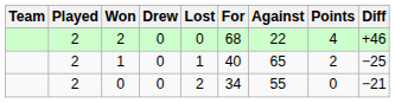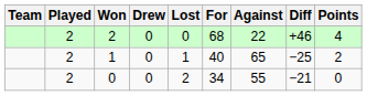 <table class="wikitable" style="text-align:center">
 <tr>
 <th>Team</th>
 <th>Played</th>
 <th>Won</th>
 <th>Drew</th>
 <th>Lost</th>
 <th>For</th>
 <th>Against</th>
+<th>Diff</th>
 <th>Points</th>
-<th>Diff</th>
 </tr>
 <tr bgcolor="#ccffcc">
 <td align=left></td>
 <td>2</td>
 <td>2</td>
 <td>0</td>
 <td>0</td>
 <td>68</td>
 <td>22</td>
+<td>+46</td>
 <td>4</td>
-<td>+46</td>
 </tr>
 <tr>
 <td align=left></td>
 <td>2</td>
 <td>1</td>
 <td>0</td>
 <td>1</td>
 <td>40</td>
 <td>65</td>
+<td>−25</td>
 <td>2</td>
-<td>−25</td>
 </tr>
 <tr>
 <td align=left></td>
 <td>2</td>
 <td>0</td>
 <td>0</td>
 <td>2</td>
 <td>34</td>
 <td>55</td>
+<td>−21</td>
 <td>0</td>
-<td>−21</td>
 </tr>
 </table>
